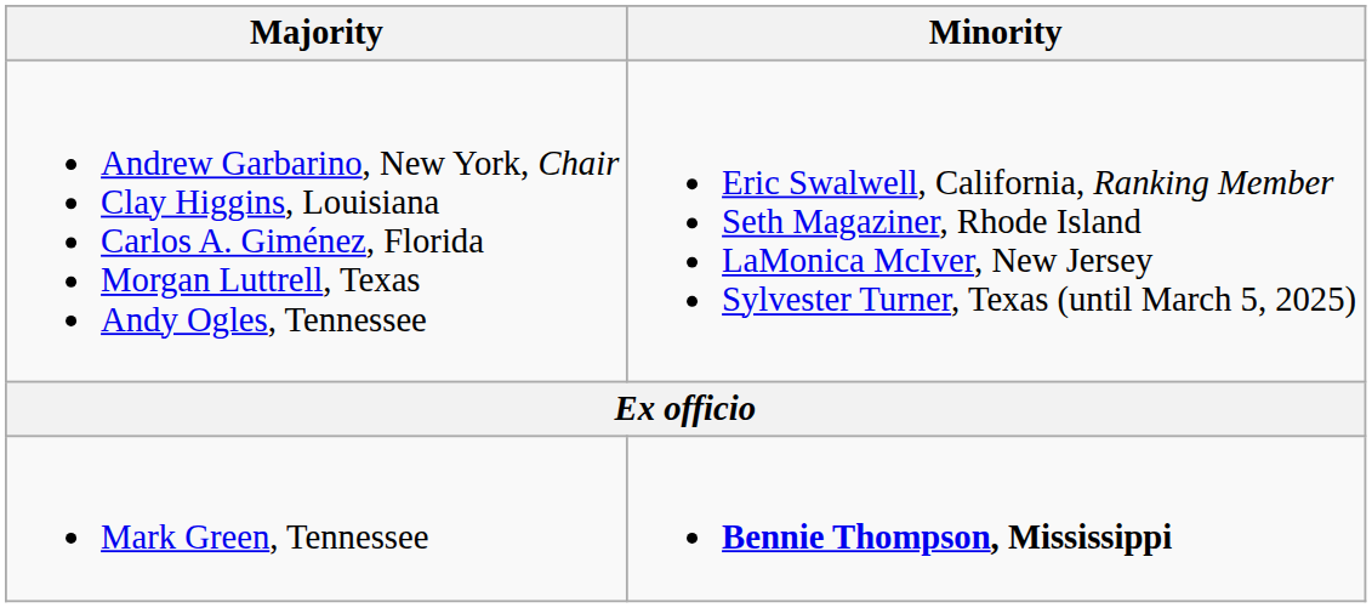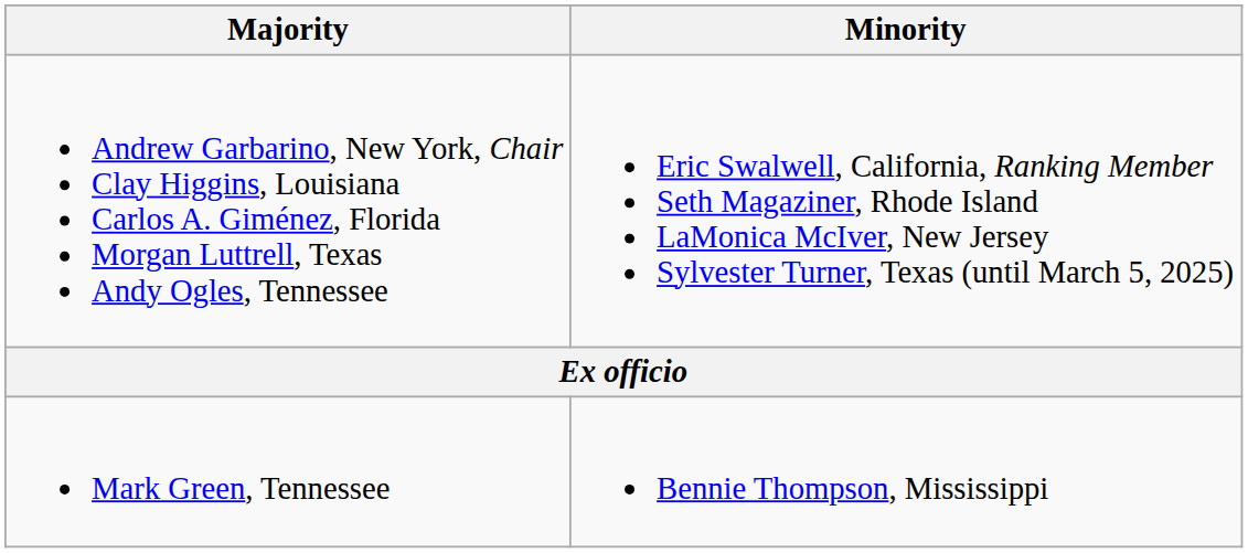 <table class=wikitable>
 <tr>
 <th>Majority</th>
 <th>Minority</th>
 </tr>
 <tr>
 <td><br><ul><li><a href='#'>Andrew Garbarino</a>, New York, <em>Chair</em></li><li><a href='#'>Clay Higgins</a>, Louisiana</li><li><a href='#'>Carlos A. Giménez</a>, Florida</li><li><a href='#'>Morgan Luttrell</a>, Texas</li><li><a href='#'>Andy Ogles</a>, Tennessee</li></ul></td>
 <td><br><ul><li><a href='#'>Eric Swalwell</a>, California, <em>Ranking Member</em></li><li><a href='#'>Seth Magaziner</a>, Rhode Island</li><li><a href='#'>LaMonica McIver</a>, New Jersey</li><li><a href='#'>Sylvester Turner</a>, Texas (until March 5, 2025)</li></ul></td>
 </tr>
 <tr>
 <th colspan=2><em>Ex officio</em></th>
 </tr>
 <tr>
 <td><br><ul><li><a href='#'>Mark Green</a>, Tennessee</li></ul></td>
-<td><strong><br><ul><li><a href='#'>Bennie Thompson</a>, Mississippi</li></ul></strong></td>
+<td><br><ul><li><a href='#'>Bennie Thompson</a>, Mississippi</li></ul></td>
 </tr>
 </table>
